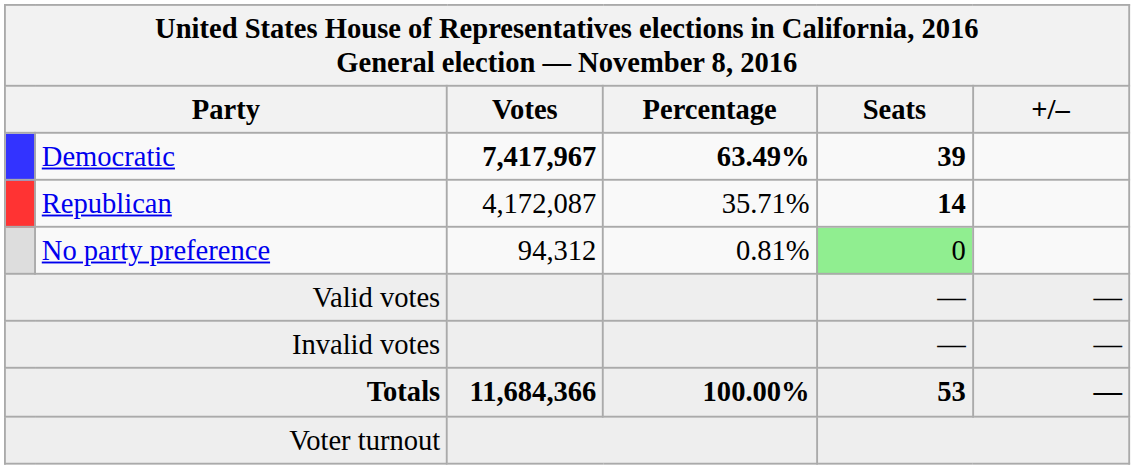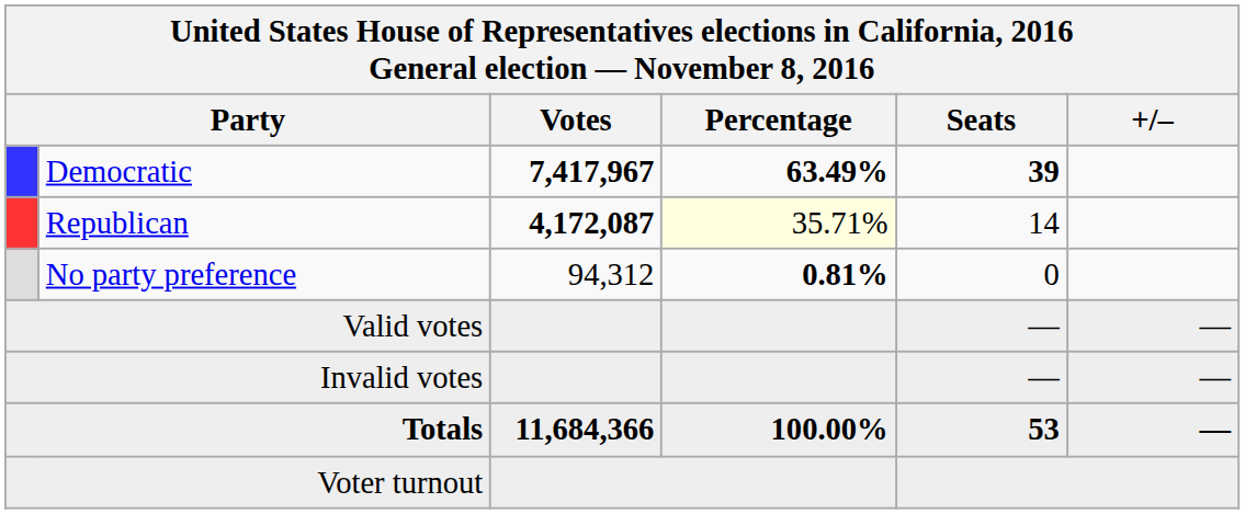 <table class="wikitable" style="font-size: 95%;">
 <tr>
 <th colspan="7">United States House of Representatives elections in California, 2016<br>General election — November 8, 2016</th>
 </tr>
 <tr>
 <th colspan=2 style="width: 15em">Party</th>
 <th style="width: 5em">Votes</th>
 <th style="width: 7em">Percentage</th>
 <th style="width: 5em">Seats</th>
 <th style="width: 5em">+/–</th>
 </tr>
 <tr>
 <th style="background:#33f; width:3px;"></th>
 <td style="width: 130px"><a href='#'>Democratic</a></td>
 <td style="text-align:right;"><strong>7,417,967</strong></td>
 <td style="text-align:right;"><strong>63.49%</strong></td>
 <td style="text-align:right;"><strong>39</strong></td>
 <td style="text-align:right;"></td>
 </tr>
 <tr>
 <th style="background:#f33; width:3px;"></th>
 <td style="width: 130px"><a href='#'>Republican</a></td>
-<td style="text-align:right;">4,172,087</td>
-<td style="text-align:right;">35.71%</td>
-<td style="text-align:right;"><strong>14</strong></td>
+<td style="text-align:right;"><strong>4,172,087</strong></td>
+<td style="background: lightyellow; text-align:right;">35.71%</td>
+<td style="text-align:right;">14</td>
 <td style="text-align:right;"></td>
 </tr>
 <tr>
 <th style="background:#ddd; width:3px;"></th>
 <td style="width: 130px"><a href='#'>No party preference</a></td>
 <td style="text-align:right;">94,312</td>
-<td style="text-align:right;">0.81%</td>
-<td style="background: lightgreen; text-align:right;">0</td>
+<td style="text-align:right;"><strong>0.81%</strong></td>
+<td style="text-align:right;">0</td>
 <td style="text-align:right;"></td>
 </tr>
 <tr style="background:#eee; text-align:right;">
 <td colspan="2">Valid votes</td>
 <td></td>
 <td></td>
 <td>—</td>
 <td>—</td>
 </tr>
 <tr style="background:#eee; text-align:right;">
 <td colspan="2">Invalid votes</td>
 <td></td>
 <td></td>
 <td>—</td>
 <td>—</td>
 </tr>
 <tr style="background:#eee; text-align:right;">
 <td colspan="2"><strong>Totals</strong></td>
 <td><strong>11,684,366</strong></td>
 <td><strong>100.00%</strong></td>
 <td><strong>53</strong></td>
 <td><strong>—</strong></td>
 </tr>
 <tr style="background:#eee; text-align:right;">
 <td colspan="2">Voter turnout</td>
 <td colspan="2"></td>
 <td colspan="2"></td>
 </tr>
 </table>
